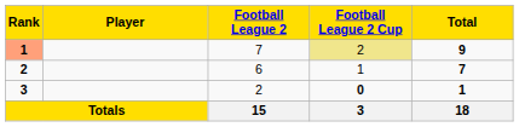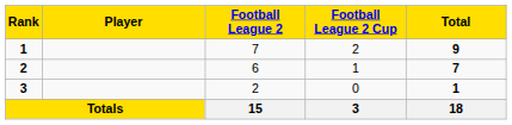 <table class="wikitable sortable" style="text-align:center">
 <tr>
 <th style="background:#FFDE00">Rank</th>
 <th width=200 style="background:#FFDE00">Player</th>
 <th width=120 style="background:#FFDE00"><a href='#'>Football League 2</a></th>
 <th width=120 style="background:#FFDE00"><a href='#'>Football League 2 Cup</a></th>
 <th width=120 style="background:#FFDE00">Total</th>
 </tr>
 <tr>
-<td style="background: lightsalmon;"><strong>1</strong></td>
+<td><strong>1</strong></td>
 <td align=left></td>
 <td>7</td>
-<td style="background: khaki;">2</td>
+<td>2</td>
 <td><strong>9</strong></td>
 </tr>
 <tr>
 <td><strong>2</strong></td>
 <td align=left></td>
 <td>6</td>
 <td>1</td>
 <td><strong>7</strong></td>
 </tr>
 <tr>
 <td><strong>3</strong></td>
 <td align=left></td>
 <td>2</td>
-<td><strong>0</strong></td>
+<td>0</td>
 <td><strong>1</strong></td>
 </tr>
 <tr class="sortbottom">
 <th colspan=2 style="background:#FFDE00"><strong>Totals</strong></th>
 <th><strong>15</strong></th>
 <th><strong> 3</strong></th>
 <th><strong>18</strong></th>
 </tr>
 </table>
